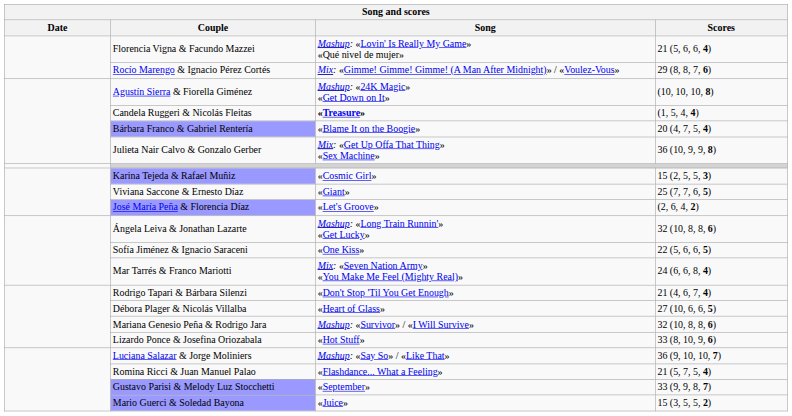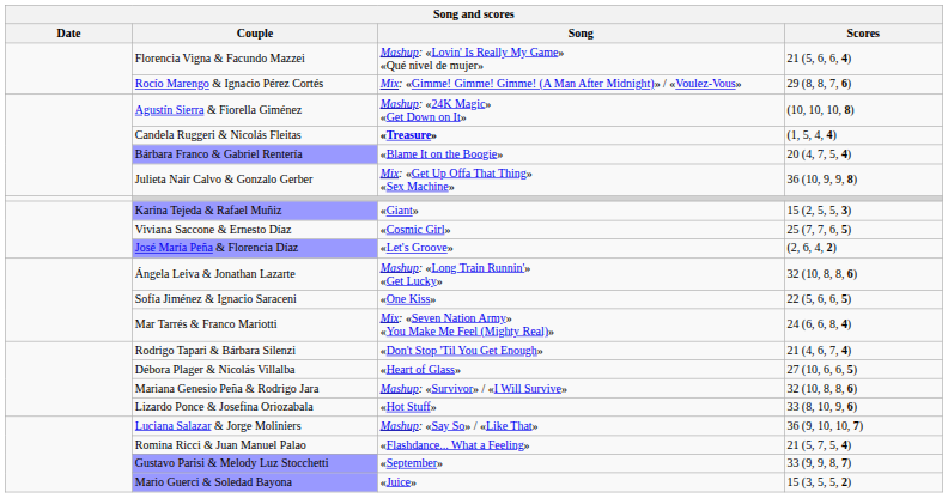 <table class="wikitable collapsible collapsed" style="text-align: align; width: 100%;">
 <tr>
 <th colspan="11" style="with: 100%;" align="center">Song and scores</th>
 </tr>
 <tr>
 <th width=95>Date</th>
 <th width=190>Couple</th>
 <th width=320>Song</th>
 <th width=120>Scores</th>
 </tr>
 <tr>
 <td rowspan="2"></td>
 <td>Florencia Vigna & Facundo Mazzei</td>
 <td><em><u><a href='#'>Mashup</a></u>:</em> «<a href='#'>Lovin' Is Really My Game</a>» <br>«Qué nivel de mujer» </td>
 <td>21 (5, 6, 6, <strong>4</strong>)</td>
 </tr>
 <tr>
 <td><a href='#'>Rocío Marengo</a> & Ignacio Pérez Cortés</td>
 <td><em><u><a href='#'>Mix</a></u>:</em> «<a href='#'>Gimme! Gimme! Gimme! (A Man After Midnight)</a>» / «<a href='#'>Voulez-Vous</a>» </td>
 <td>29 (8, 8, 7, <strong>6</strong>)</td>
 </tr>
 <tr>
 <td rowspan="4"></td>
 <td><a href='#'>Agustín Sierra</a> & Fiorella Giménez</td>
 <td><em><u><a href='#'>Mashup</a></u>:</em> «<a href='#'>24K Magic</a>» <br>«<a href='#'>Get Down on It</a>» </td>
 <td> (10, 10, 10, <strong>8</strong>)</td>
 </tr>
 <tr>
 <td>Candela Ruggeri & Nicolás Fleitas</td>
 <td><strong>«<a href='#'>Treasure</a>» </strong></td>
 <td> (1, 5, 4, <strong>4</strong>)</td>
 </tr>
 <tr>
 <td bgcolor="#9999FF">Bárbara Franco & Gabriel Rentería</td>
 <td>«<a href='#'>Blame It on the Boogie</a>» </td>
 <td>20 (4, 7, 5, <strong>4</strong>)</td>
 </tr>
 <tr>
 <td>Julieta Nair Calvo & Gonzalo Gerber</td>
 <td><em><u><a href='#'>Mix</a></u>:</em> «<a href='#'>Get Up Offa That Thing</a>» <br>«<a href='#'>Sex Machine</a>» </td>
 <td>36 (10, 9, 9, <strong>8</strong>)</td>
 </tr>
 <tr>
 <td></td>
 <td colspan="3" bgcolor="lightgrey"></td>
 </tr>
 <tr>
 <td rowspan="3"></td>
 <td bgcolor="#9999FF">Karina Tejeda & Rafael Muñiz</td>
-<td>«<a href='#'>Cosmic Girl</a>» </td>
+<td>«<a href='#'>Giant</a>» </td>
 <td>15 (2, 5, 5, <strong>3</strong>)</td>
 </tr>
 <tr>
 <td>Viviana Saccone & Ernesto Díaz</td>
-<td>«<a href='#'>Giant</a>» </td>
+<td>«<a href='#'>Cosmic Girl</a>» </td>
 <td>25 (7, 7, 6, <strong>5</strong>)</td>
 </tr>
 <tr>
 <td bgcolor="#9999FF"><a href='#'>José María Peña</a> & Florencia Díaz</td>
 <td>«<a href='#'>Let's Groove</a>» </td>
 <td> (2, 6, 4, <strong>2</strong>)</td>
 </tr>
 <tr>
 <td rowspan="3"></td>
 <td>Ángela Leiva & Jonathan Lazarte</td>
 <td><em><u><a href='#'>Mashup</a></u>:</em> «<a href='#'>Long Train Runnin'</a>» <br>«<a href='#'>Get Lucky</a>» </td>
 <td>32 (10, 8, 8, <strong>6</strong>)</td>
 </tr>
 <tr>
 <td>Sofía Jiménez & Ignacio Saraceni</td>
 <td>«<a href='#'>One Kiss</a>» </td>
 <td>22 (5, 6, 6, <strong>5</strong>)</td>
 </tr>
 <tr>
 <td>Mar Tarrés & Franco Mariotti</td>
 <td><em><u><a href='#'>Mix</a></u>:</em> «<a href='#'>Seven Nation Army</a>» <br>«<a href='#'>You Make Me Feel (Mighty Real)</a>» </td>
 <td>24 (6, 6, 8, <strong>4</strong>)</td>
 </tr>
 <tr>
 <td rowspan="4"></td>
 <td>Rodrigo Tapari & Bárbara Silenzi</td>
 <td>«<a href='#'>Don't Stop 'Til You Get Enough</a>» </td>
 <td>21 (4, 6, 7, <strong>4</strong>)</td>
 </tr>
 <tr>
 <td>Débora Plager & Nicolás Villalba</td>
 <td>«<a href='#'>Heart of Glass</a>» </td>
 <td>27 (10, 6, 6, <strong>5</strong>)</td>
 </tr>
 <tr>
 <td>Mariana Genesio Peña & Rodrigo Jara</td>
 <td><em><u><a href='#'>Mashup</a></u>:</em> «<a href='#'>Survivor</a>» / «<a href='#'>I Will Survive</a>» </td>
 <td>32 (10, 8, 8, <strong>6</strong>)</td>
 </tr>
 <tr>
 <td>Lizardo Ponce & Josefina Oriozabala</td>
 <td>«<a href='#'>Hot Stuff</a>» </td>
 <td>33 (8, 10, 9, <strong>6</strong>)</td>
 </tr>
 <tr>
 <td rowspan="4"></td>
 <td><a href='#'>Luciana Salazar</a> & Jorge Moliniers</td>
 <td><em><u><a href='#'>Mashup</a></u>:</em> «<a href='#'>Say So</a>» / «<a href='#'>Like That</a>» </td>
 <td>36 (9, 10, 10, <strong>7</strong>)</td>
 </tr>
 <tr>
 <td>Romina Ricci & Juan Manuel Palao</td>
 <td>«<a href='#'>Flashdance... What a Feeling</a>» </td>
 <td>21 (5, 7, 5, <strong>4</strong>)</td>
 </tr>
 <tr>
 <td bgcolor="#9999FF">Gustavo Parisi & Melody Luz Stocchetti</td>
 <td>«<a href='#'>September</a>» </td>
 <td>33 (9, 9, 8, <strong>7</strong>)</td>
 </tr>
 <tr>
 <td bgcolor="#9999FF">Mario Guerci & Soledad Bayona</td>
 <td>«<a href='#'>Juice</a>» </td>
 <td>15 (3, 5, 5, <strong>2</strong>)</td>
 </tr>
 </table>
